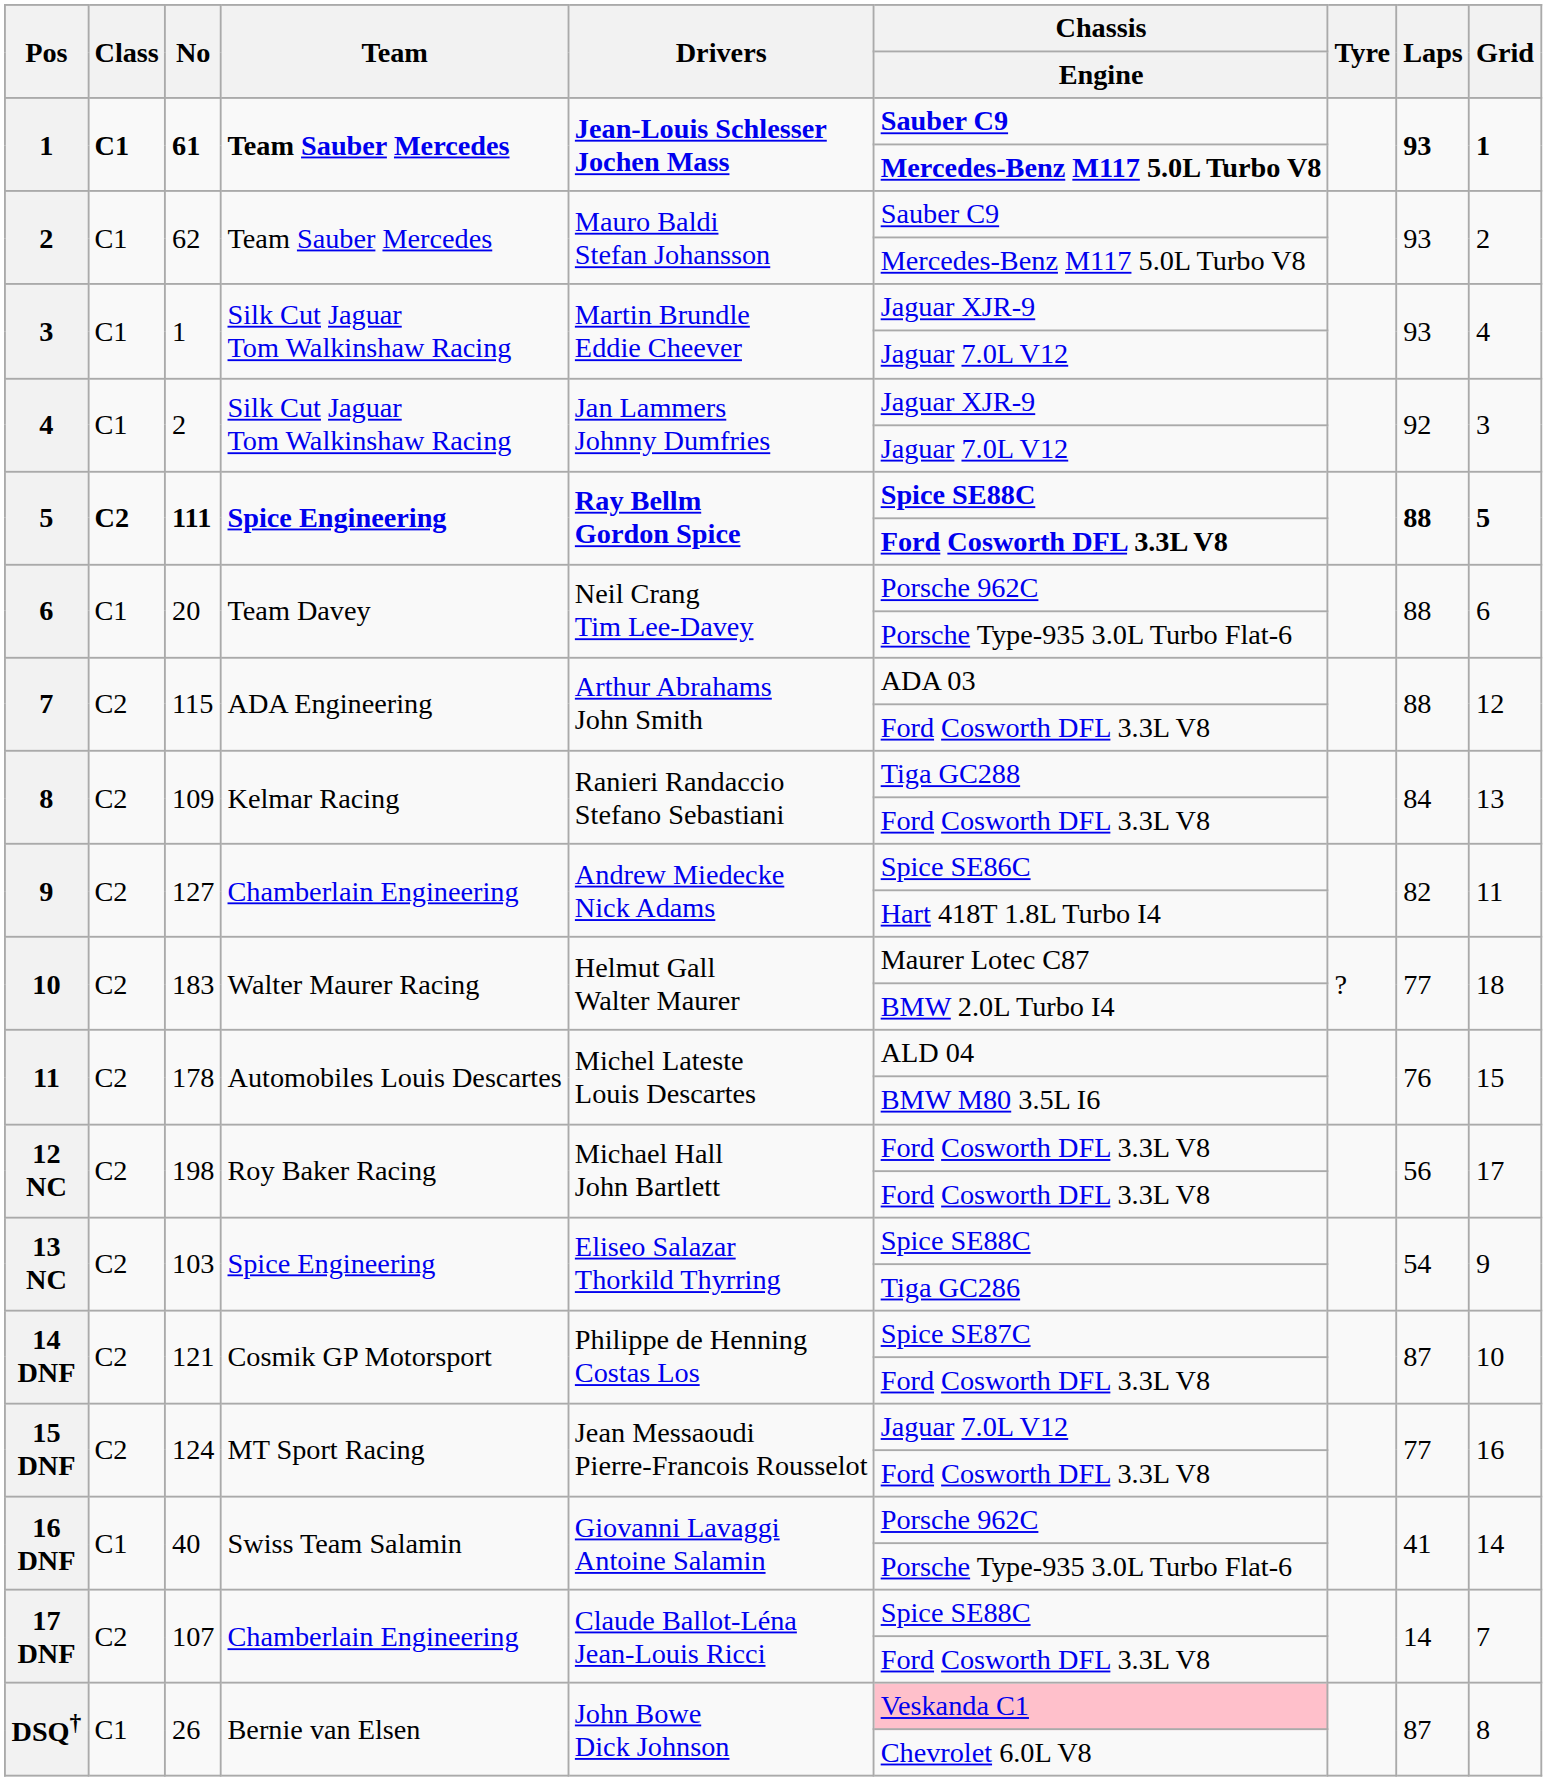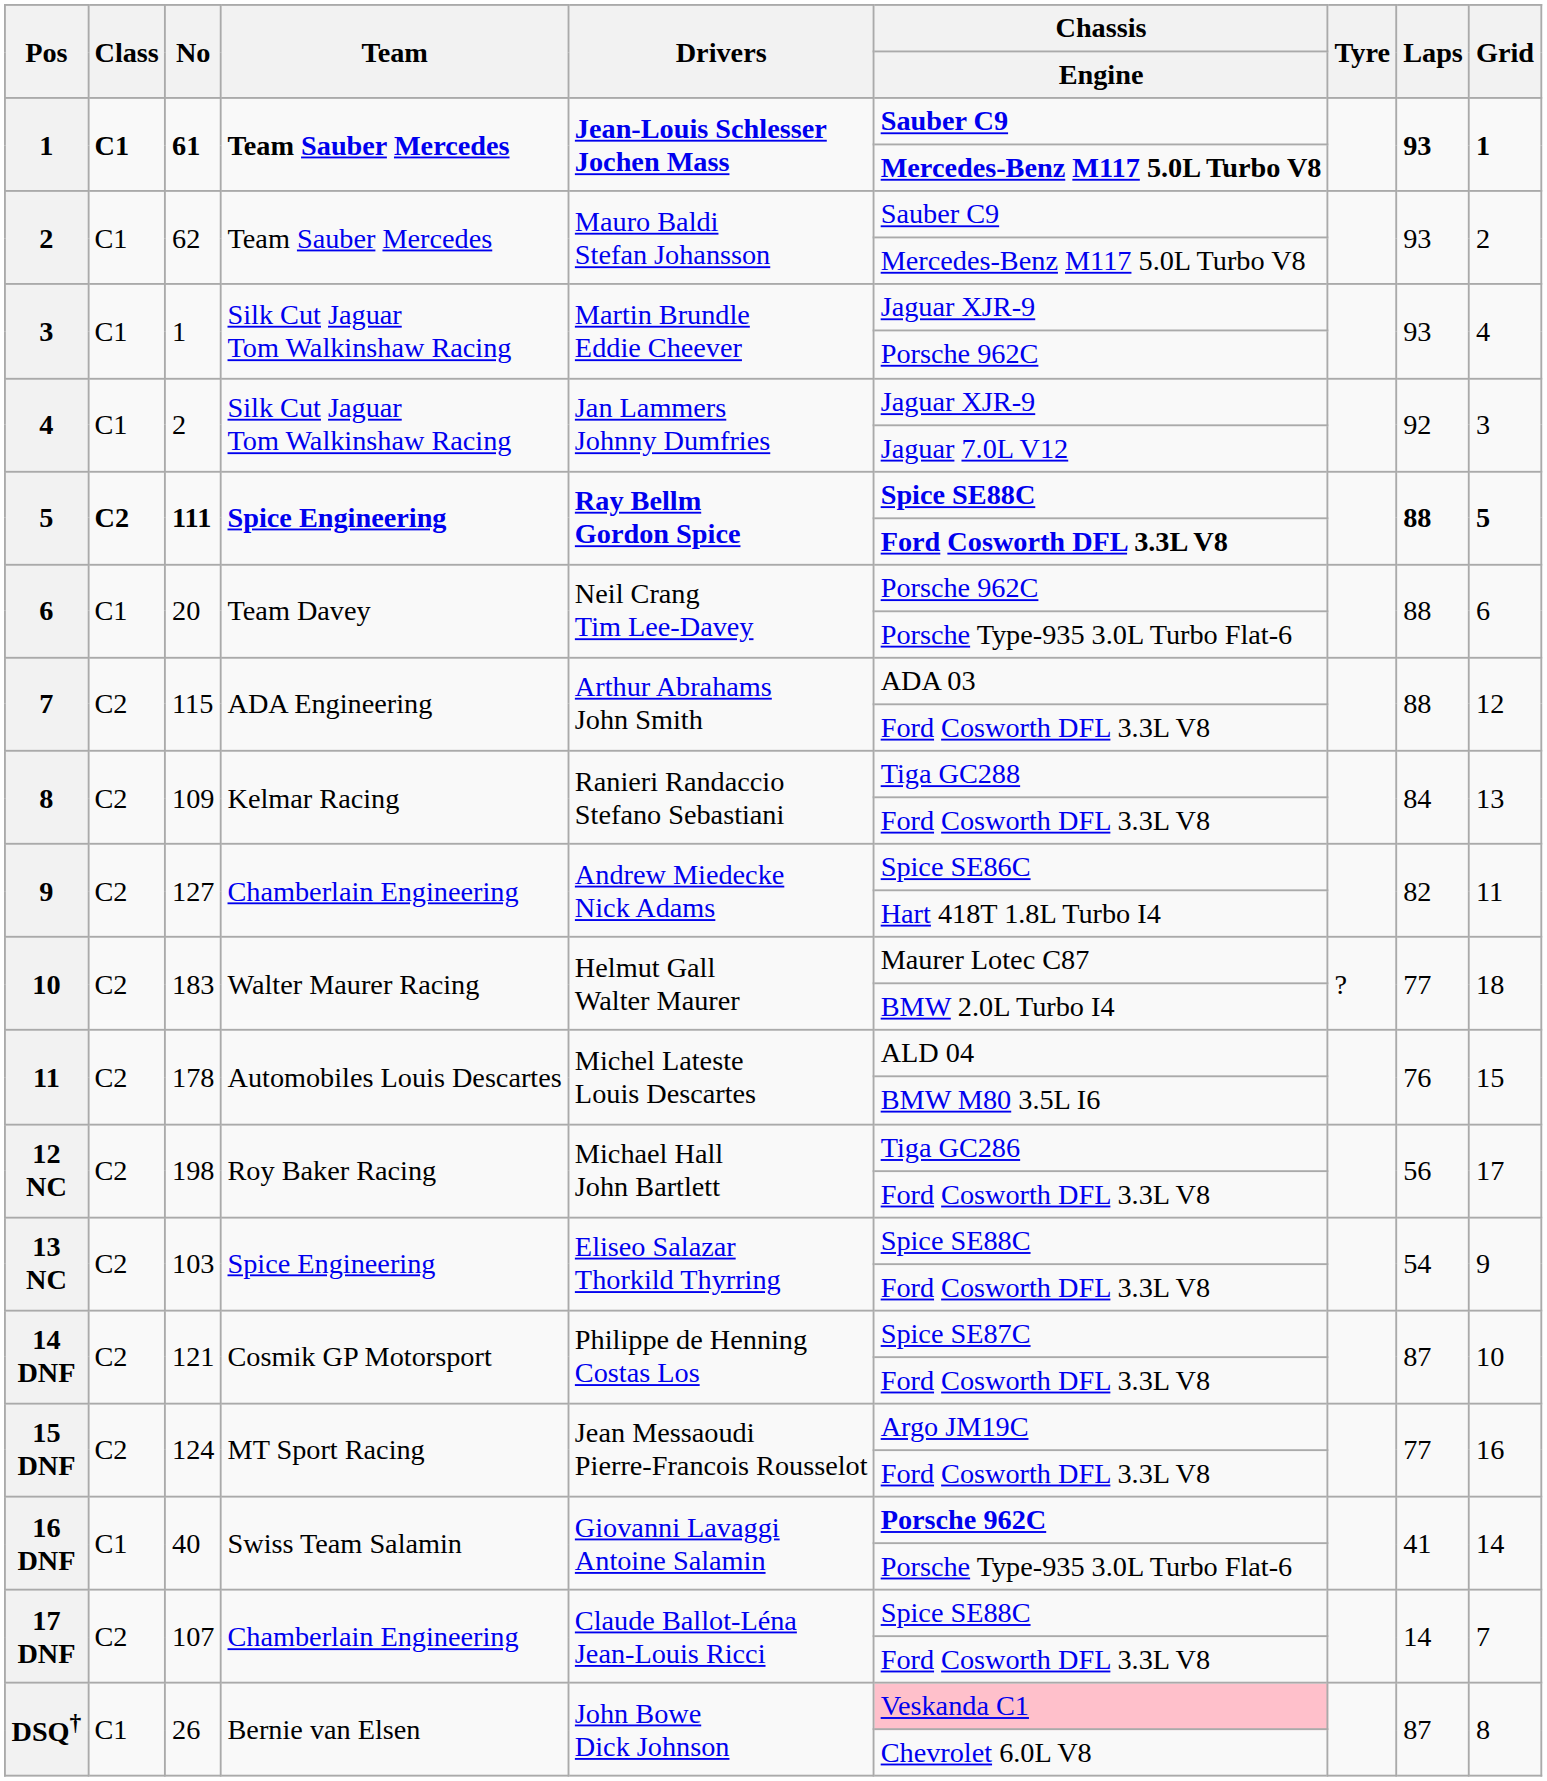 <table class="wikitable" style="font-size: 95%;">
 <tr>
 <th rowspan=2>Pos</th>
 <th rowspan=2>Class</th>
 <th rowspan=2>No</th>
 <th rowspan=2>Team</th>
 <th rowspan=2>Drivers</th>
 <th>Chassis</th>
 <th rowspan=2>Tyre</th>
 <th rowspan=2>Laps</th>
 <th rowspan=2>Grid</th>
 </tr>
 <tr>
 <th>Engine</th>
 </tr>
 <tr style="font-weight:bold">
 <th rowspan=2>1</th>
 <td rowspan=2>C1</td>
 <td rowspan=2>61</td>
 <td rowspan=2> Team <a href='#'>Sauber</a> <a href='#'>Mercedes</a></td>
 <td rowspan=2> <a href='#'>Jean-Louis Schlesser</a><br> <a href='#'>Jochen Mass</a></td>
 <td><a href='#'>Sauber C9</a></td>
 <td rowspan=2></td>
 <td rowspan=2>93</td>
 <td rowspan=2>1</td>
 </tr>
 <tr style="font-weight:bold">
 <td><a href='#'>Mercedes-Benz</a> <a href='#'>M117</a> 5.0L Turbo V8</td>
 </tr>
 <tr>
 <th rowspan=2>2</th>
 <td rowspan=2>C1</td>
 <td rowspan=2>62</td>
 <td rowspan=2> Team <a href='#'>Sauber</a> <a href='#'>Mercedes</a></td>
 <td rowspan=2> <a href='#'>Mauro Baldi</a><br> <a href='#'>Stefan Johansson</a></td>
 <td><a href='#'>Sauber C9</a></td>
 <td rowspan=2></td>
 <td rowspan=2>93</td>
 <td rowspan=2>2</td>
 </tr>
 <tr>
 <td><a href='#'>Mercedes-Benz</a> <a href='#'>M117</a> 5.0L Turbo V8</td>
 </tr>
 <tr>
 <th rowspan=2>3</th>
 <td rowspan=2>C1</td>
 <td rowspan=2>1</td>
 <td rowspan=2> <a href='#'>Silk Cut</a> <a href='#'>Jaguar</a><br> <a href='#'>Tom Walkinshaw Racing</a></td>
 <td rowspan=2> <a href='#'>Martin Brundle</a><br> <a href='#'>Eddie Cheever</a></td>
 <td><a href='#'>Jaguar XJR-9</a></td>
 <td rowspan=2></td>
 <td rowspan=2>93</td>
 <td rowspan=2>4</td>
 </tr>
 <tr>
-<td><a href='#'>Jaguar</a> <a href='#'>7.0L V12</a></td>
+<td><a href='#'>Porsche 962C</a></td>
 </tr>
 <tr>
 <th rowspan=2>4</th>
 <td rowspan=2>C1</td>
 <td rowspan=2>2</td>
 <td rowspan=2> <a href='#'>Silk Cut</a> <a href='#'>Jaguar</a><br> <a href='#'>Tom Walkinshaw Racing</a></td>
 <td rowspan=2> <a href='#'>Jan Lammers</a><br> <a href='#'>Johnny Dumfries</a></td>
 <td><a href='#'>Jaguar XJR-9</a></td>
 <td rowspan=2></td>
 <td rowspan=2>92</td>
 <td rowspan=2>3</td>
 </tr>
 <tr>
 <td><a href='#'>Jaguar</a> <a href='#'>7.0L V12</a></td>
 </tr>
 <tr style="font-weight:bold">
 <th rowspan=2>5</th>
 <td rowspan=2>C2</td>
 <td rowspan=2>111</td>
 <td rowspan=2> <a href='#'>Spice Engineering</a></td>
 <td rowspan=2> <a href='#'>Ray Bellm</a><br> <a href='#'>Gordon Spice</a></td>
 <td><a href='#'>Spice SE88C</a></td>
 <td rowspan=2></td>
 <td rowspan=2>88</td>
 <td rowspan=2>5</td>
 </tr>
 <tr style="font-weight:bold">
 <td><a href='#'>Ford</a> <a href='#'>Cosworth DFL</a> 3.3L V8</td>
 </tr>
 <tr>
 <th rowspan=2>6</th>
 <td rowspan=2>C1</td>
 <td rowspan=2>20</td>
 <td rowspan=2> Team Davey</td>
 <td rowspan=2> Neil Crang<br> <a href='#'>Tim Lee-Davey</a></td>
 <td><a href='#'>Porsche 962C</a></td>
 <td rowspan=2></td>
 <td rowspan=2>88</td>
 <td rowspan=2>6</td>
 </tr>
 <tr>
 <td><a href='#'>Porsche</a> Type-935 3.0L Turbo Flat-6</td>
 </tr>
 <tr>
 <th rowspan=2>7</th>
 <td rowspan=2>C2</td>
 <td rowspan=2>115</td>
 <td rowspan=2> ADA Engineering</td>
 <td rowspan=2> <a href='#'>Arthur Abrahams</a><br> John Smith</td>
 <td>ADA 03</td>
 <td rowspan=2></td>
 <td rowspan=2>88</td>
 <td rowspan=2>12</td>
 </tr>
 <tr>
 <td><a href='#'>Ford</a> <a href='#'>Cosworth DFL</a> 3.3L V8</td>
 </tr>
 <tr>
 <th rowspan=2>8</th>
 <td rowspan=2>C2</td>
 <td rowspan=2>109</td>
 <td rowspan=2> Kelmar Racing</td>
 <td rowspan=2> Ranieri Randaccio<br> Stefano Sebastiani</td>
 <td><a href='#'>Tiga GC288</a></td>
 <td rowspan=2></td>
 <td rowspan=2>84</td>
 <td rowspan=2>13</td>
 </tr>
 <tr>
 <td><a href='#'>Ford</a> <a href='#'>Cosworth DFL</a> 3.3L V8</td>
 </tr>
 <tr>
 <th rowspan=2>9</th>
 <td rowspan=2>C2</td>
 <td rowspan=2>127</td>
 <td rowspan=2> <a href='#'>Chamberlain Engineering</a></td>
 <td rowspan=2> <a href='#'>Andrew Miedecke</a><br> <a href='#'>Nick Adams</a></td>
 <td><a href='#'>Spice SE86C</a></td>
 <td rowspan=2></td>
 <td rowspan=2>82</td>
 <td rowspan=2>11</td>
 </tr>
 <tr>
 <td><a href='#'>Hart</a> 418T 1.8L Turbo I4</td>
 </tr>
 <tr>
 <th rowspan=2>10</th>
 <td rowspan=2>C2</td>
 <td rowspan=2>183</td>
 <td rowspan=2> Walter Maurer Racing</td>
 <td rowspan=2> Helmut Gall<br> Walter Maurer</td>
 <td>Maurer Lotec C87</td>
 <td rowspan=2>?</td>
 <td rowspan=2>77</td>
 <td rowspan=2>18</td>
 </tr>
 <tr>
 <td><a href='#'>BMW</a> 2.0L Turbo I4</td>
 </tr>
 <tr>
 <th rowspan=2>11</th>
 <td rowspan=2>C2</td>
 <td rowspan=2>178</td>
 <td rowspan=2> Automobiles Louis Descartes</td>
 <td rowspan=2> Michel Lateste<br> Louis Descartes</td>
 <td>ALD 04</td>
 <td rowspan=2></td>
 <td rowspan=2>76</td>
 <td rowspan=2>15</td>
 </tr>
 <tr>
 <td><a href='#'>BMW M80</a> 3.5L I6</td>
 </tr>
 <tr>
 <th rowspan=2>12<br>NC</th>
 <td rowspan=2>C2</td>
 <td rowspan=2>198</td>
 <td rowspan=2> Roy Baker Racing</td>
 <td rowspan=2> Michael Hall<br> John Bartlett</td>
-<td><a href='#'>Ford</a> <a href='#'>Cosworth DFL</a> 3.3L V8</td>
+<td><a href='#'>Tiga GC286</a></td>
 <td rowspan=2></td>
 <td rowspan=2>56</td>
 <td rowspan=2>17</td>
 </tr>
 <tr>
 <td><a href='#'>Ford</a> <a href='#'>Cosworth DFL</a> 3.3L V8</td>
 </tr>
 <tr>
 <th rowspan=2>13<br>NC</th>
 <td rowspan=2>C2</td>
 <td rowspan=2>103</td>
 <td rowspan=2> <a href='#'>Spice Engineering</a></td>
 <td rowspan=2> <a href='#'>Eliseo Salazar</a><br> <a href='#'>Thorkild Thyrring</a></td>
 <td><a href='#'>Spice SE88C</a></td>
 <td rowspan=2></td>
 <td rowspan=2>54</td>
 <td rowspan=2>9</td>
 </tr>
 <tr>
-<td><a href='#'>Tiga GC286</a></td>
+<td><a href='#'>Ford</a> <a href='#'>Cosworth DFL</a> 3.3L V8</td>
 </tr>
 <tr>
 <th rowspan=2>14<br>DNF</th>
 <td rowspan=2>C2</td>
 <td rowspan=2>121</td>
 <td rowspan=2> Cosmik GP Motorsport</td>
 <td rowspan=2> Philippe de Henning<br> <a href='#'>Costas Los</a></td>
 <td><a href='#'>Spice SE87C</a></td>
 <td rowspan=2></td>
 <td rowspan=2>87</td>
 <td rowspan=2>10</td>
 </tr>
 <tr>
 <td><a href='#'>Ford</a> <a href='#'>Cosworth DFL</a> 3.3L V8</td>
 </tr>
 <tr>
 <th rowspan=2>15<br>DNF</th>
 <td rowspan=2>C2</td>
 <td rowspan=2>124</td>
 <td rowspan=2> MT Sport Racing</td>
 <td rowspan=2> Jean Messaoudi<br> Pierre-Francois Rousselot</td>
-<td><a href='#'>Jaguar</a> <a href='#'>7.0L V12</a></td>
+<td><a href='#'>Argo JM19C</a></td>
 <td rowspan=2></td>
 <td rowspan=2>77</td>
 <td rowspan=2>16</td>
 </tr>
 <tr>
 <td><a href='#'>Ford</a> <a href='#'>Cosworth DFL</a> 3.3L V8</td>
 </tr>
 <tr>
 <th rowspan=2>16<br>DNF</th>
 <td rowspan=2>C1</td>
 <td rowspan=2>40</td>
 <td rowspan=2> Swiss Team Salamin</td>
 <td rowspan=2> <a href='#'>Giovanni Lavaggi</a><br> <a href='#'>Antoine Salamin</a></td>
-<td><a href='#'>Porsche 962C</a></td>
+<td><strong><a href='#'>Porsche 962C</a></strong></td>
 <td rowspan=2></td>
 <td rowspan=2>41</td>
 <td rowspan=2>14</td>
 </tr>
 <tr>
 <td><a href='#'>Porsche</a> Type-935 3.0L Turbo Flat-6</td>
 </tr>
 <tr>
 <th rowspan=2>17<br>DNF</th>
 <td rowspan=2>C2</td>
 <td rowspan=2>107</td>
 <td rowspan=2> <a href='#'>Chamberlain Engineering</a></td>
 <td rowspan=2> <a href='#'>Claude Ballot-Léna</a><br> <a href='#'>Jean-Louis Ricci</a></td>
 <td><a href='#'>Spice SE88C</a></td>
 <td rowspan=2></td>
 <td rowspan=2>14</td>
 <td rowspan=2>7</td>
 </tr>
 <tr>
 <td><a href='#'>Ford</a> <a href='#'>Cosworth DFL</a> 3.3L V8</td>
 </tr>
 <tr>
 <th rowspan=2>DSQ<sup>†</sup></th>
 <td rowspan=2>C1</td>
 <td rowspan=2>26</td>
 <td rowspan=2> Bernie van Elsen</td>
 <td rowspan=2> <a href='#'>John Bowe</a><br> <a href='#'>Dick Johnson</a></td>
 <td style="background: pink;"><a href='#'>Veskanda C1</a></td>
 <td rowspan=2></td>
 <td rowspan=2>87</td>
 <td rowspan=2>8</td>
 </tr>
 <tr>
 <td><a href='#'>Chevrolet</a> 6.0L V8</td>
 </tr>
 </table>
